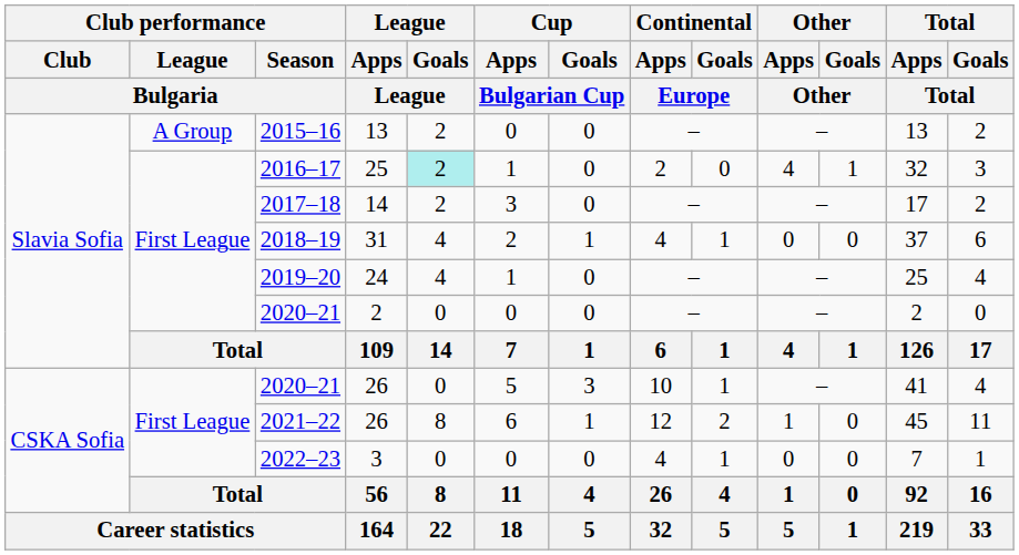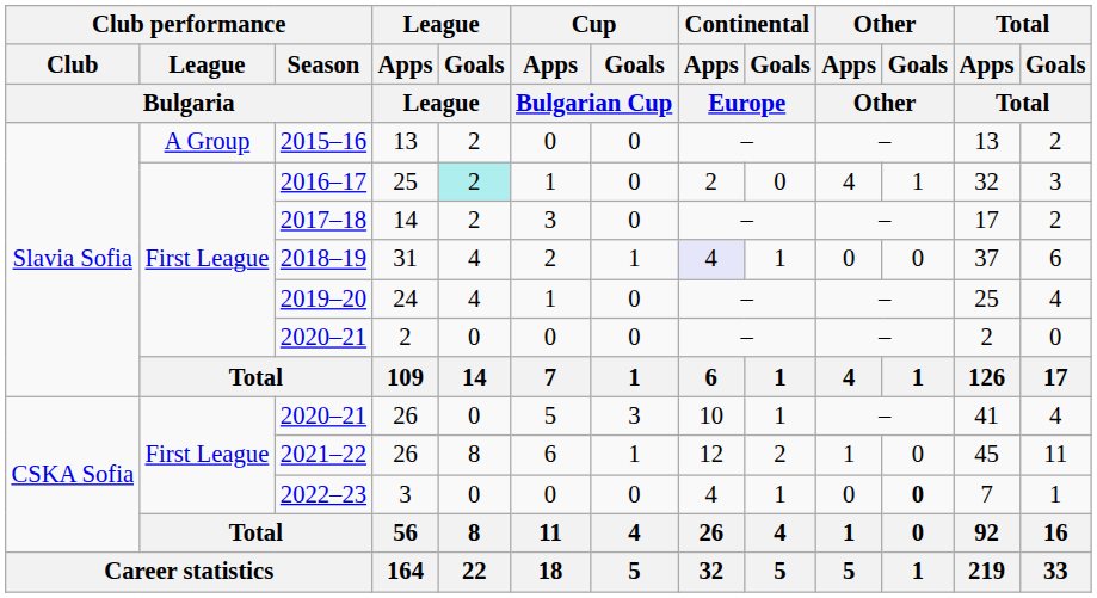 <table class="wikitable" style="text-align: center">
 <tr>
 <th Colspan="3">Club performance</th>
 <th Colspan="2">League</th>
 <th Colspan="2">Cup</th>
 <th Colspan="2">Continental</th>
 <th Colspan="2">Other</th>
 <th Colspan="3">Total</th>
 </tr>
 <tr>
 <th>Club</th>
 <th>League</th>
 <th>Season</th>
 <th>Apps</th>
 <th>Goals</th>
 <th>Apps</th>
 <th>Goals</th>
 <th>Apps</th>
 <th>Goals</th>
 <th>Apps</th>
 <th>Goals</th>
 <th>Apps</th>
 <th>Goals</th>
 </tr>
 <tr>
 <th Colspan="3">Bulgaria</th>
 <th Colspan="2">League</th>
 <th Colspan="2"><a href='#'>Bulgarian Cup</a></th>
 <th Colspan="2"><a href='#'>Europe</a></th>
 <th Colspan="2">Other</th>
 <th Colspan="2">Total</th>
 </tr>
 <tr>
 <td rowspan="7" valign="center"><a href='#'>Slavia Sofia</a></td>
 <td rowspan="1"><a href='#'>A Group</a></td>
 <td><a href='#'>2015–16</a></td>
 <td>13</td>
 <td>2</td>
 <td>0</td>
 <td>0</td>
 <td colspan="2">–</td>
 <td colspan="2">–</td>
 <td>13</td>
 <td>2</td>
 </tr>
 <tr>
 <td rowspan="5"><a href='#'>First League</a></td>
 <td><a href='#'>2016–17</a></td>
 <td>25</td>
 <td style="background: paleturquoise;">2</td>
 <td>1</td>
 <td>0</td>
 <td>2</td>
 <td>0</td>
 <td>4</td>
 <td>1</td>
 <td>32</td>
 <td>3</td>
 </tr>
 <tr>
 <td><a href='#'>2017–18</a></td>
 <td>14</td>
 <td>2</td>
 <td>3</td>
 <td>0</td>
 <td colspan="2">–</td>
 <td colspan="2">–</td>
 <td>17</td>
 <td>2</td>
 </tr>
 <tr>
 <td><a href='#'>2018–19</a></td>
 <td>31</td>
 <td>4</td>
 <td>2</td>
 <td>1</td>
-<td>4</td>
+<td style="background: lavender;">4</td>
 <td>1</td>
 <td>0</td>
 <td>0</td>
 <td>37</td>
 <td>6</td>
 </tr>
 <tr>
 <td><a href='#'>2019–20</a></td>
 <td>24</td>
 <td>4</td>
 <td>1</td>
 <td>0</td>
 <td colspan="2">–</td>
 <td colspan="2">–</td>
 <td>25</td>
 <td>4</td>
 </tr>
 <tr>
 <td><a href='#'>2020–21</a></td>
 <td>2</td>
 <td>0</td>
 <td>0</td>
 <td>0</td>
 <td colspan="2">–</td>
 <td colspan="2">–</td>
 <td>2</td>
 <td>0</td>
 </tr>
 <tr>
 <th colspan=2>Total</th>
 <th>109</th>
 <th>14</th>
 <th>7</th>
 <th>1</th>
 <th>6</th>
 <th>1</th>
 <th>4</th>
 <th>1</th>
 <th>126</th>
 <th>17</th>
 </tr>
 <tr>
 <td align=center valign=center rowspan=4><a href='#'>CSKA Sofia</a></td>
 <td rowspan=3><a href='#'>First League</a></td>
 <td><a href='#'>2020–21</a></td>
 <td>26</td>
 <td>0</td>
 <td>5</td>
 <td>3</td>
 <td>10</td>
 <td>1</td>
 <td colspan="2">–</td>
 <td>41</td>
 <td>4</td>
 </tr>
 <tr>
 <td><a href='#'>2021–22</a></td>
 <td>26</td>
 <td>8</td>
 <td>6</td>
 <td>1</td>
 <td>12</td>
 <td>2</td>
 <td>1</td>
 <td>0</td>
 <td>45</td>
 <td>11</td>
 </tr>
 <tr>
 <td><a href='#'>2022–23</a></td>
 <td>3</td>
 <td>0</td>
 <td>0</td>
 <td>0</td>
 <td>4</td>
 <td>1</td>
 <td>0</td>
-<td>0</td>
+<td><strong>0</strong></td>
 <td>7</td>
 <td>1</td>
 </tr>
 <tr>
 <th colspan=2>Total</th>
 <th>56</th>
 <th>8</th>
 <th>11</th>
 <th>4</th>
 <th>26</th>
 <th>4</th>
 <th>1</th>
 <th>0</th>
 <th>92</th>
 <th>16</th>
 </tr>
 <tr>
 <th colspan="3">Career statistics</th>
 <th>164</th>
 <th>22</th>
 <th>18</th>
 <th>5</th>
 <th>32</th>
 <th>5</th>
 <th>5</th>
 <th>1</th>
 <th>219</th>
 <th>33</th>
 </tr>
 </table>
